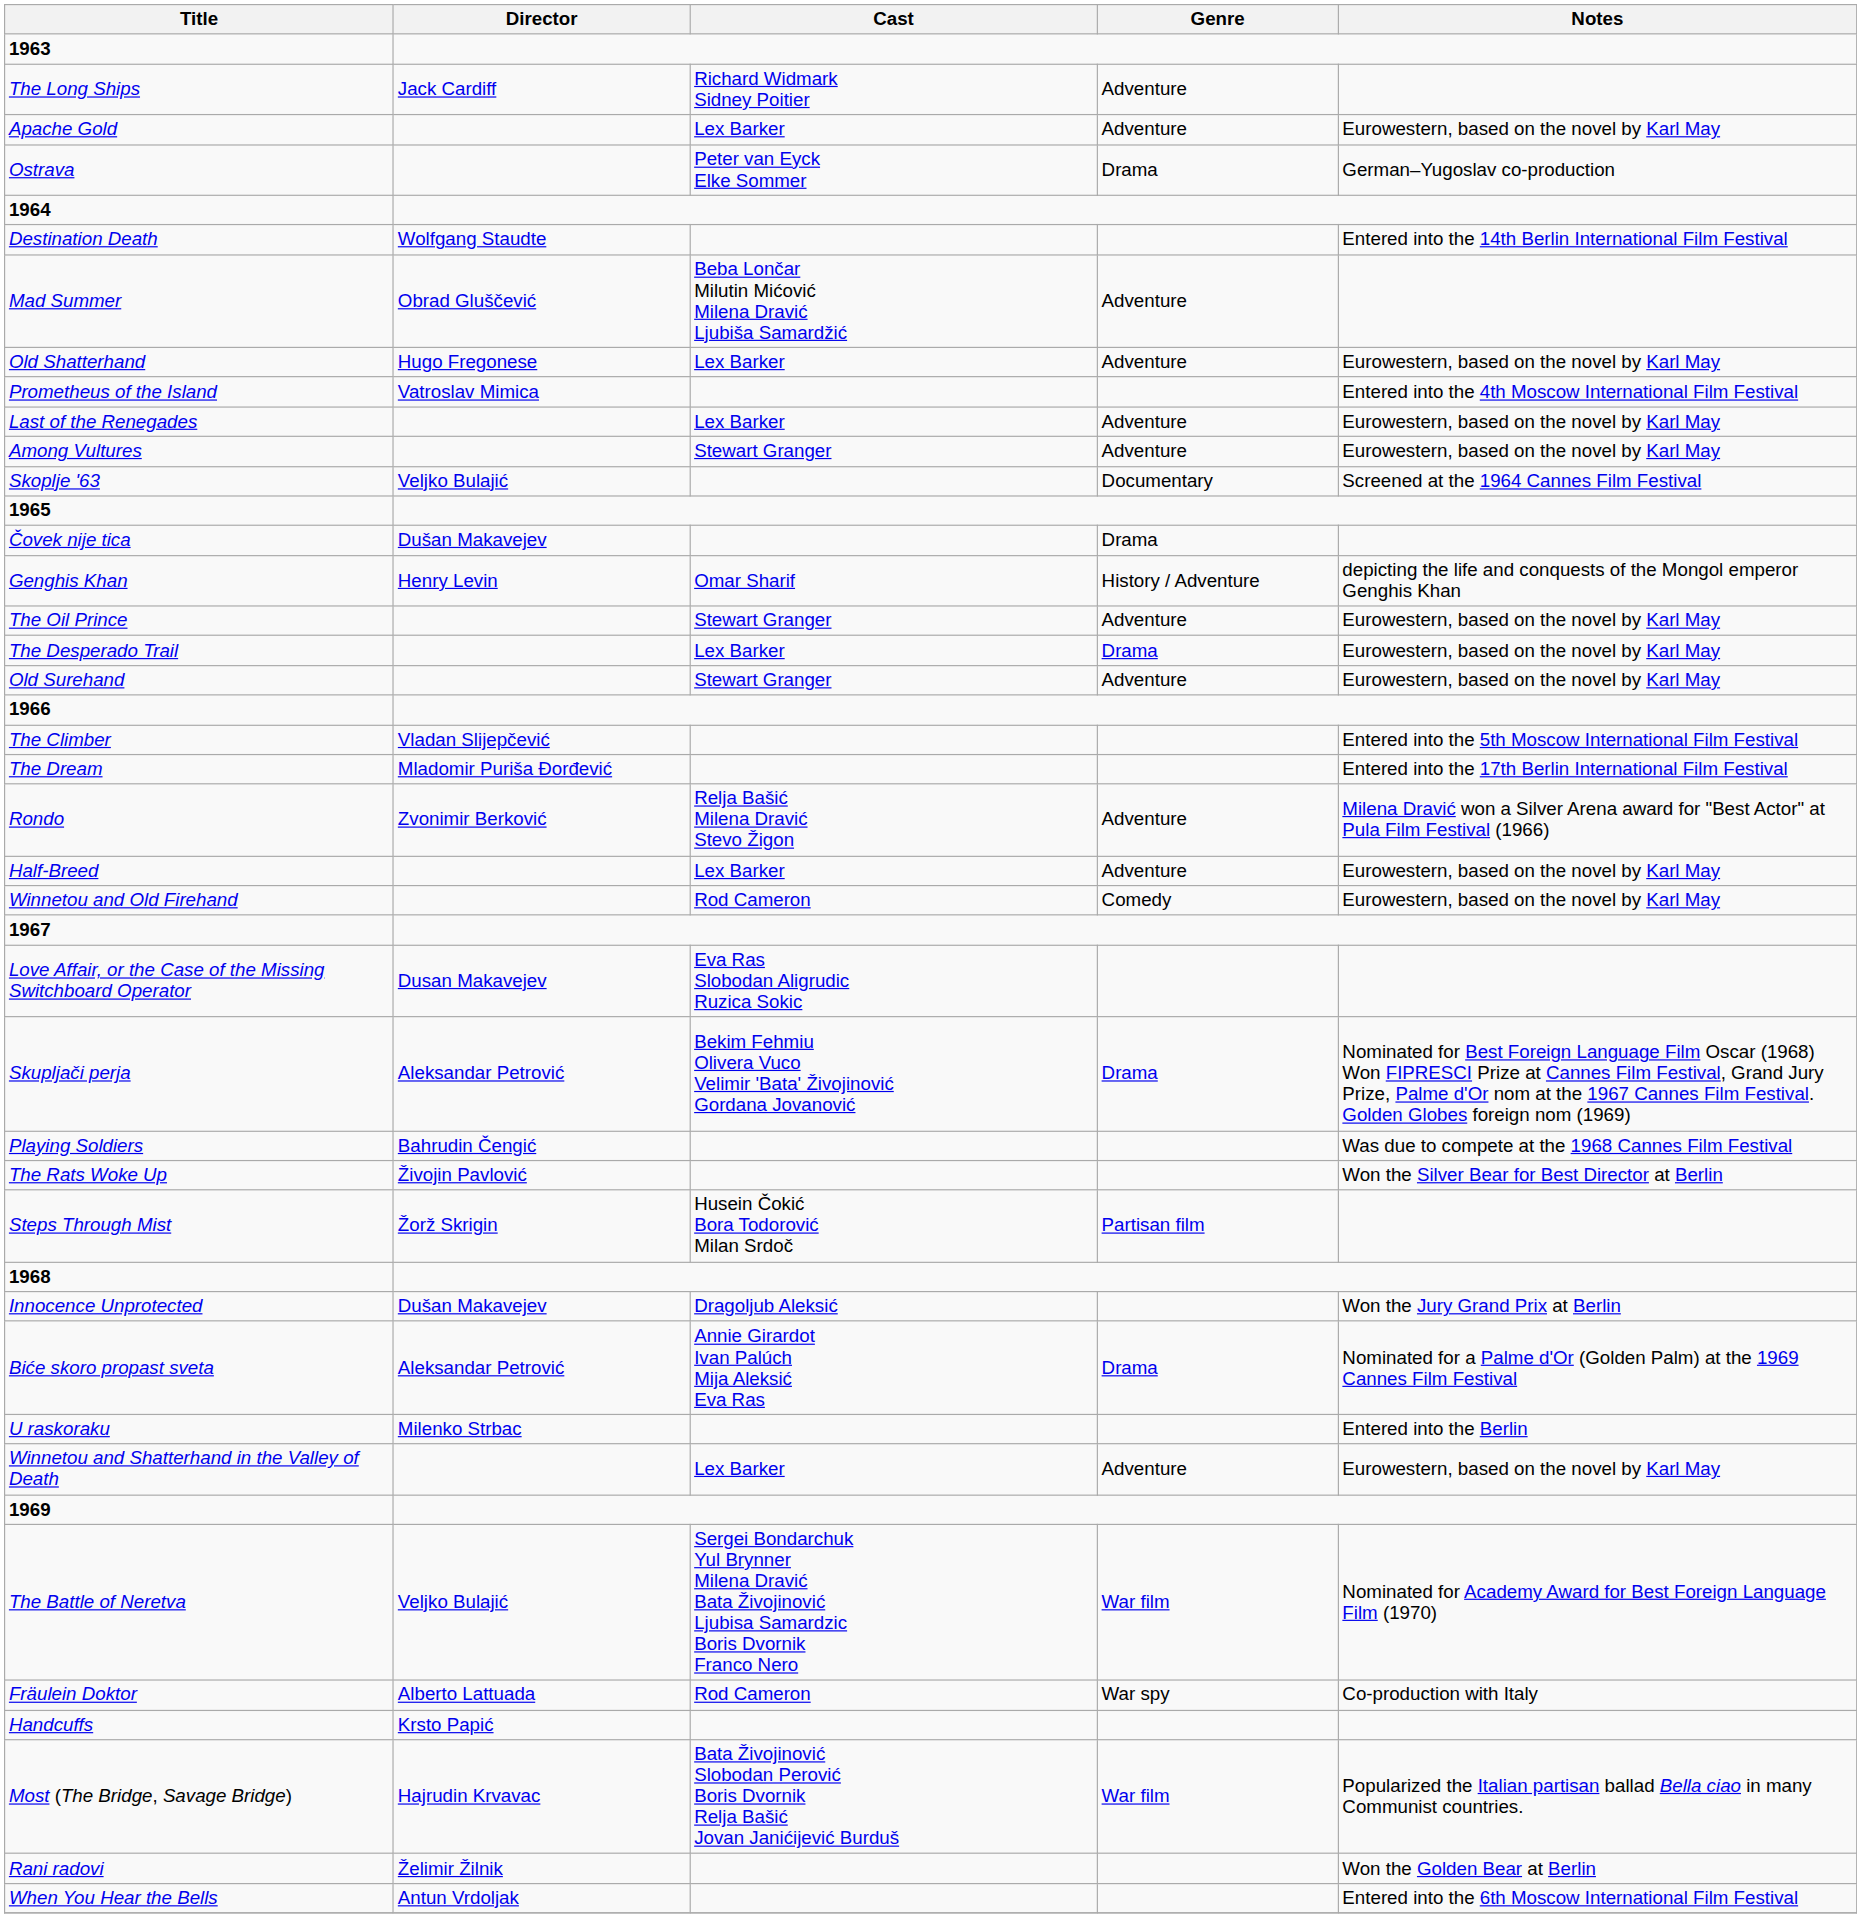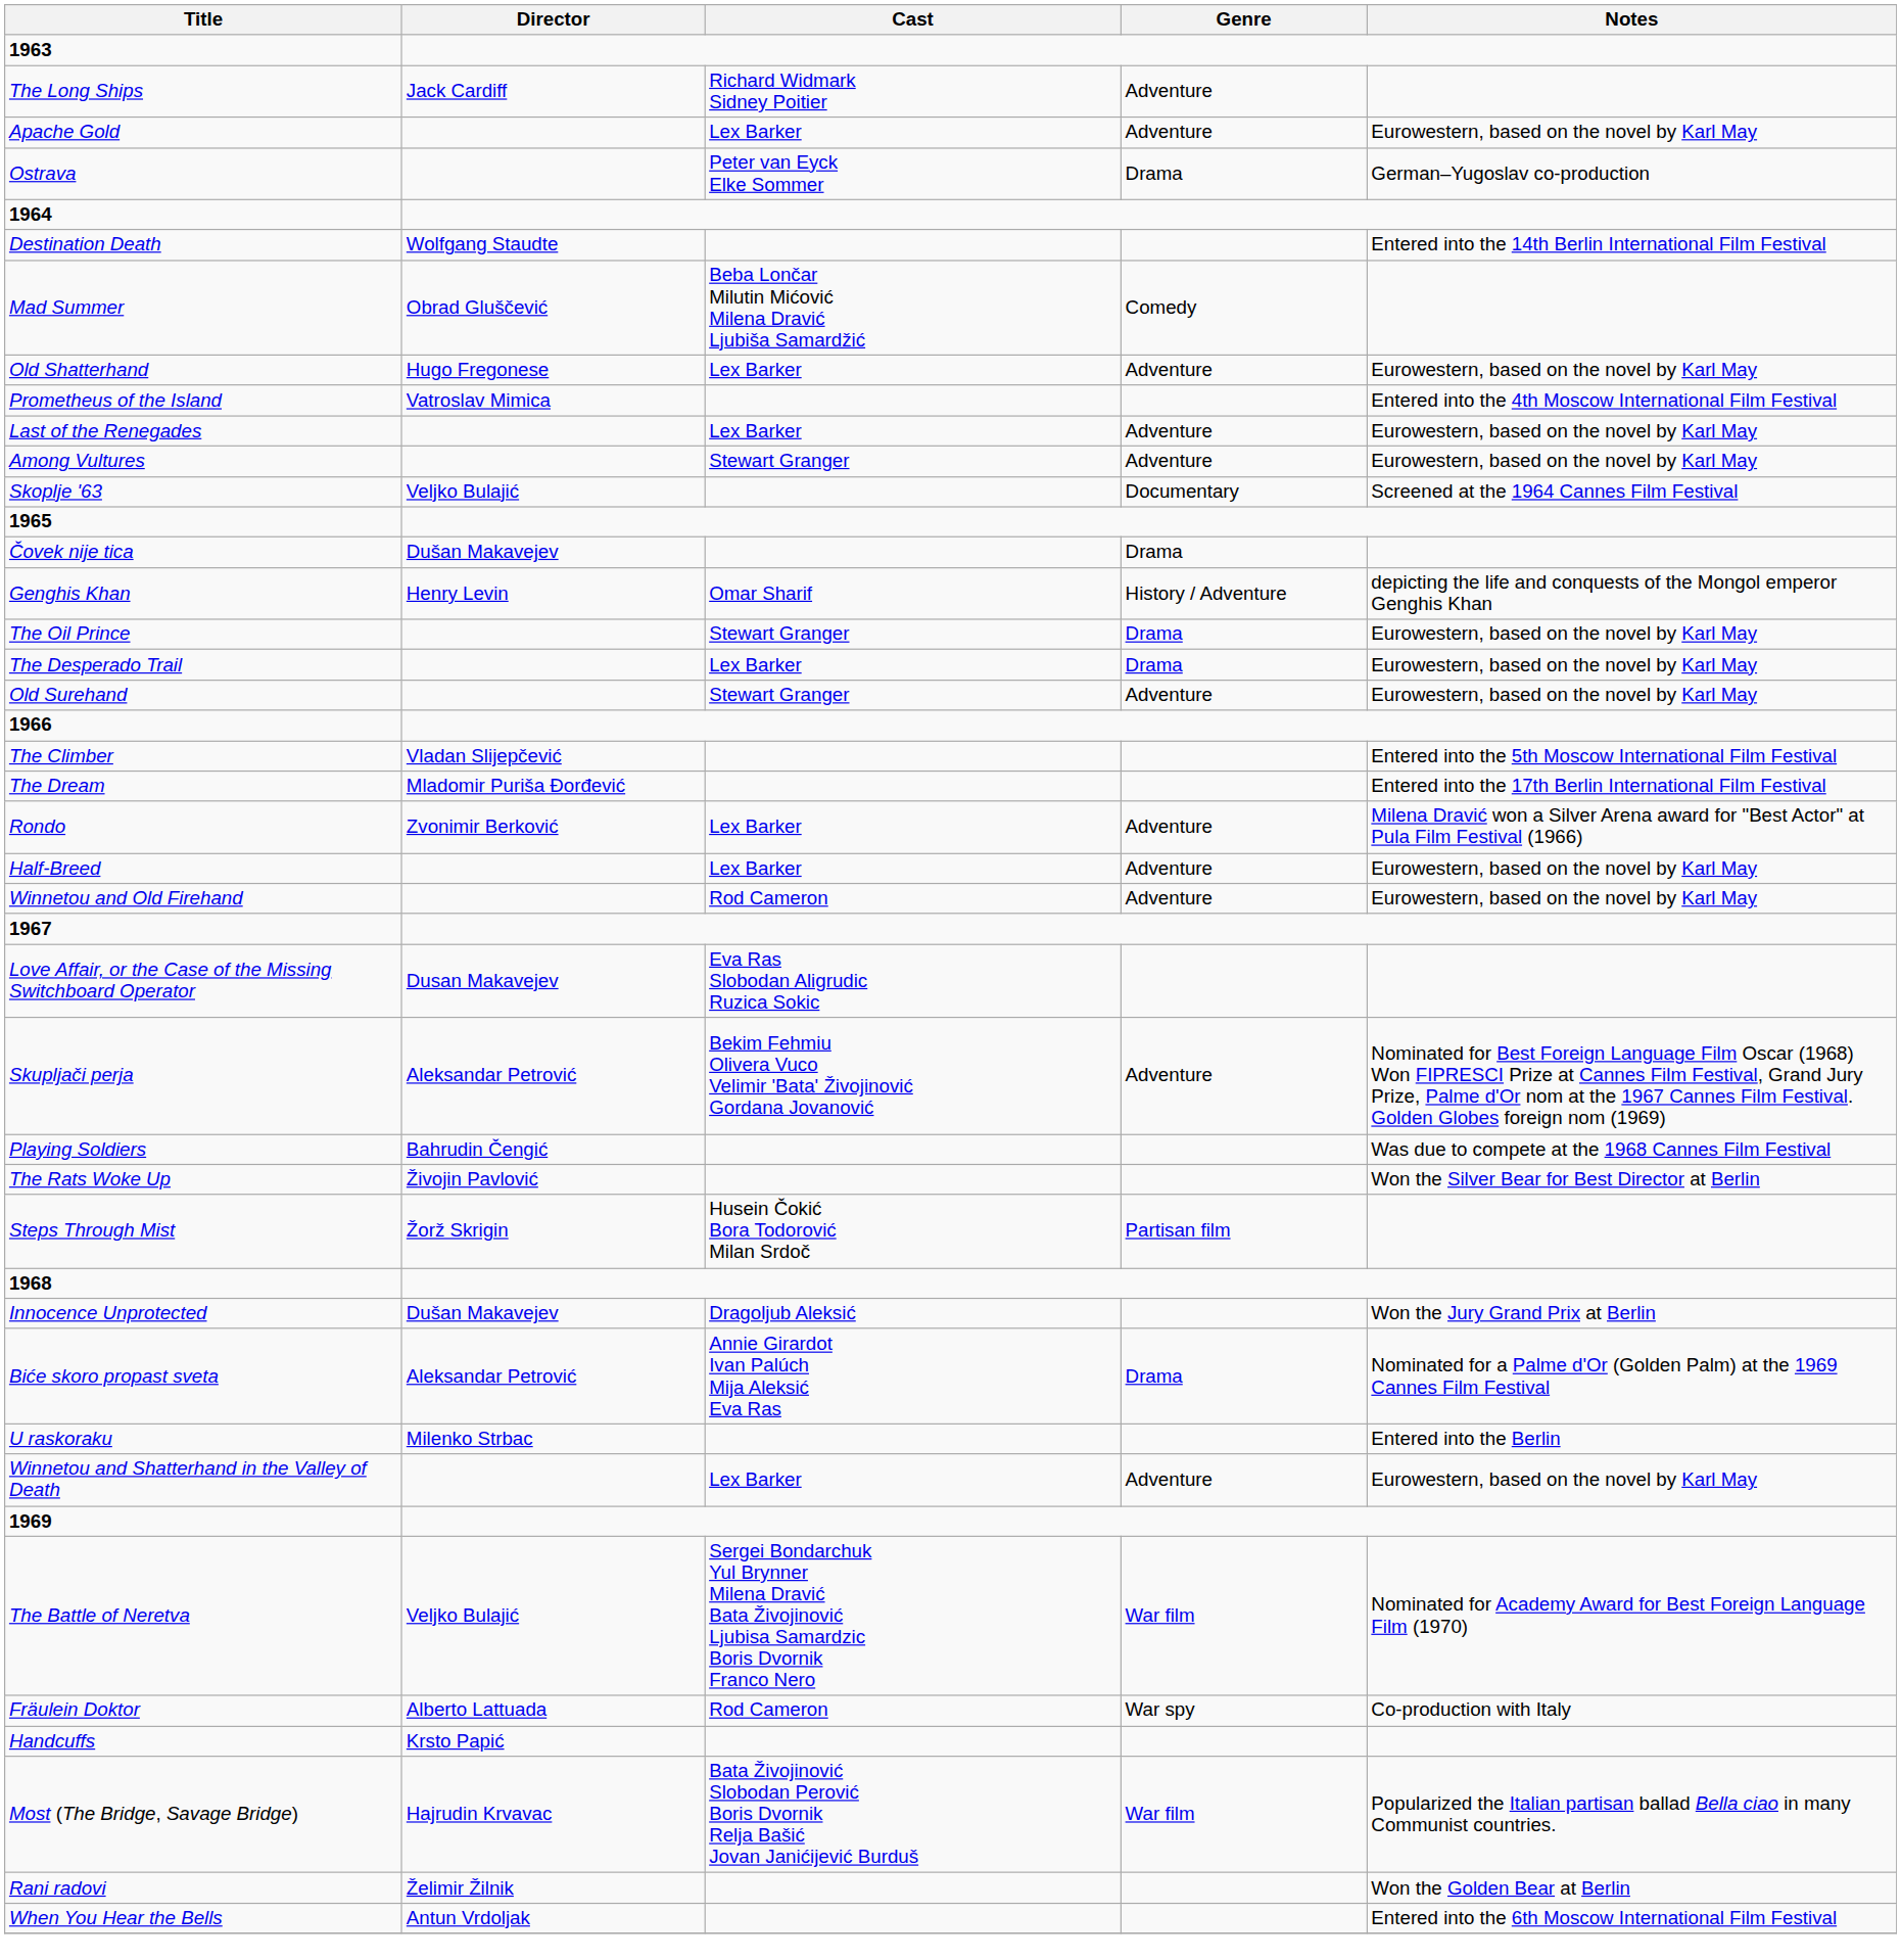 <table class="wikitable" width= "100%">
 <tr>
 <th width=21%>Title</th>
 <th width=16%>Director</th>
 <th width=22%>Cast</th>
 <th width=13%>Genre</th>
 <th width=28%>Notes</th>
 </tr>
 <tr>
 <td><strong>1963</strong></td>
 </tr>
 <tr>
 <td><em><a href='#'>The Long Ships</a></em></td>
 <td><a href='#'>Jack Cardiff</a></td>
 <td><a href='#'>Richard Widmark</a><br><a href='#'>Sidney Poitier</a></td>
 <td>Adventure</td>
 <td></td>
 </tr>
 <tr>
 <td><em><a href='#'>Apache Gold</a></em></td>
 <td></td>
 <td><a href='#'>Lex Barker</a></td>
 <td>Adventure</td>
 <td>Eurowestern, based on the novel by <a href='#'>Karl May</a></td>
 </tr>
 <tr>
 <td><em><a href='#'>Ostrava</a></em></td>
 <td></td>
 <td><a href='#'>Peter van Eyck</a><br><a href='#'>Elke Sommer</a></td>
 <td>Drama</td>
 <td>German–Yugoslav co-production</td>
 </tr>
 <tr>
 <td><strong>1964</strong></td>
 </tr>
 <tr>
 <td><em><a href='#'>Destination Death</a></em></td>
 <td><a href='#'>Wolfgang Staudte</a></td>
 <td></td>
 <td></td>
 <td>Entered into the <a href='#'>14th Berlin International Film Festival</a></td>
 </tr>
 <tr>
 <td><em><a href='#'>Mad Summer</a></em></td>
 <td><a href='#'>Obrad Gluščević</a></td>
 <td><a href='#'>Beba Lončar</a><br>Milutin Mićović<br><a href='#'>Milena Dravić</a><br><a href='#'>Ljubiša Samardžić</a></td>
-<td>Adventure</td>
+<td>Comedy</td>
 <td></td>
 </tr>
 <tr>
 <td><em><a href='#'>Old Shatterhand</a></em></td>
 <td><a href='#'>Hugo Fregonese</a></td>
 <td><a href='#'>Lex Barker</a></td>
 <td>Adventure</td>
 <td>Eurowestern, based on the novel by <a href='#'>Karl May</a></td>
 </tr>
 <tr>
 <td><em><a href='#'>Prometheus of the Island</a></em></td>
 <td><a href='#'>Vatroslav Mimica</a></td>
 <td></td>
 <td></td>
 <td>Entered into the <a href='#'>4th Moscow International Film Festival</a></td>
 </tr>
 <tr>
 <td><em><a href='#'>Last of the Renegades</a></em></td>
 <td></td>
 <td><a href='#'>Lex Barker</a></td>
 <td>Adventure</td>
 <td>Eurowestern, based on the novel by <a href='#'>Karl May</a></td>
 </tr>
 <tr>
 <td><em><a href='#'>Among Vultures</a></em></td>
 <td></td>
 <td><a href='#'>Stewart Granger</a></td>
 <td>Adventure</td>
 <td>Eurowestern, based on the novel by <a href='#'>Karl May</a></td>
 </tr>
 <tr>
 <td><em><a href='#'>Skoplje '63</a></em></td>
 <td><a href='#'>Veljko Bulajić</a></td>
 <td></td>
 <td>Documentary</td>
 <td>Screened at the <a href='#'>1964 Cannes Film Festival</a></td>
 </tr>
 <tr>
 <td><strong>1965</strong></td>
 </tr>
 <tr>
 <td><em><a href='#'>Čovek nije tica</a></em></td>
 <td><a href='#'>Dušan Makavejev</a></td>
 <td></td>
 <td>Drama</td>
 <td></td>
 </tr>
 <tr>
 <td><em><a href='#'>Genghis Khan</a></em></td>
 <td><a href='#'>Henry Levin</a></td>
 <td><a href='#'>Omar Sharif</a></td>
 <td>History / Adventure</td>
 <td>depicting the life and conquests of the Mongol emperor Genghis Khan</td>
 </tr>
 <tr>
 <td><em><a href='#'>The Oil Prince</a></em></td>
 <td></td>
 <td><a href='#'>Stewart Granger</a></td>
-<td>Adventure</td>
+<td><a href='#'>Drama</a></td>
 <td>Eurowestern, based on the novel by <a href='#'>Karl May</a></td>
 </tr>
 <tr>
 <td><em><a href='#'>The Desperado Trail</a></em></td>
 <td></td>
 <td><a href='#'>Lex Barker</a></td>
 <td><a href='#'>Drama</a></td>
 <td>Eurowestern, based on the novel by <a href='#'>Karl May</a></td>
 </tr>
 <tr>
 <td><em><a href='#'>Old Surehand</a></em></td>
 <td></td>
 <td><a href='#'>Stewart Granger</a></td>
 <td>Adventure</td>
 <td>Eurowestern, based on the novel by <a href='#'>Karl May</a></td>
 </tr>
 <tr>
 <td><strong>1966</strong></td>
 </tr>
 <tr>
 <td><em><a href='#'>The Climber</a></em></td>
 <td><a href='#'>Vladan Slijepčević</a></td>
 <td></td>
 <td></td>
 <td>Entered into the <a href='#'>5th Moscow International Film Festival</a></td>
 </tr>
 <tr>
 <td><em><a href='#'>The Dream</a></em></td>
 <td><a href='#'>Mladomir Puriša Đorđević</a></td>
 <td></td>
 <td></td>
 <td>Entered into the <a href='#'>17th Berlin International Film Festival</a></td>
 </tr>
 <tr>
 <td><em><a href='#'>Rondo</a></em></td>
 <td><a href='#'>Zvonimir Berković</a></td>
-<td><a href='#'>Relja Bašić</a><br><a href='#'>Milena Dravić</a><br><a href='#'>Stevo Žigon</a></td>
+<td><a href='#'>Lex Barker</a></td>
 <td>Adventure</td>
 <td><a href='#'>Milena Dravić</a> won a Silver Arena award for "Best Actor" at <a href='#'>Pula Film Festival</a> (1966)</td>
 </tr>
 <tr>
 <td><em><a href='#'>Half-Breed</a> </em></td>
 <td></td>
 <td><a href='#'>Lex Barker</a></td>
 <td>Adventure</td>
 <td>Eurowestern, based on the novel by <a href='#'>Karl May</a></td>
 </tr>
 <tr>
 <td><em><a href='#'>Winnetou and Old Firehand</a></em></td>
 <td></td>
 <td><a href='#'>Rod Cameron</a></td>
-<td>Comedy</td>
+<td>Adventure</td>
 <td>Eurowestern, based on the novel by <a href='#'>Karl May</a></td>
 </tr>
 <tr>
 <td><strong>1967</strong></td>
 </tr>
 <tr>
 <td><em><a href='#'>Love Affair, or the Case of the Missing Switchboard Operator</a></em></td>
 <td><a href='#'>Dusan Makavejev</a></td>
 <td><a href='#'>Eva Ras</a><br><a href='#'>Slobodan Aligrudic</a><br><a href='#'>Ruzica Sokic</a></td>
 <td></td>
 <td></td>
 </tr>
 <tr>
 <td><em><a href='#'>Skupljači perja</a></em></td>
 <td><a href='#'>Aleksandar Petrović</a></td>
 <td><a href='#'>Bekim Fehmiu</a><br><a href='#'>Olivera Vuco</a><br><a href='#'>Velimir 'Bata' Živojinović</a><br><a href='#'>Gordana Jovanović</a></td>
-<td><a href='#'>Drama</a></td>
+<td>Adventure</td>
 <td><br>Nominated for <a href='#'>Best Foreign Language Film</a> Oscar (1968) Won <a href='#'>FIPRESCI</a> Prize at <a href='#'>Cannes Film Festival</a>, Grand Jury Prize, <a href='#'>Palme d'Or</a> nom at the <a href='#'>1967 Cannes Film Festival</a>. <a href='#'>Golden Globes</a> foreign nom (1969)</td>
 </tr>
 <tr>
 <td><em><a href='#'>Playing Soldiers</a></em></td>
 <td><a href='#'>Bahrudin Čengić</a></td>
 <td></td>
 <td></td>
 <td>Was due to compete at the <a href='#'>1968 Cannes Film Festival</a></td>
 </tr>
 <tr>
 <td><em><a href='#'>The Rats Woke Up</a></em></td>
 <td><a href='#'>Živojin Pavlović</a></td>
 <td></td>
 <td></td>
 <td>Won the <a href='#'>Silver Bear for Best Director</a> at <a href='#'>Berlin</a></td>
 </tr>
 <tr>
 <td><em><a href='#'>Steps Through Mist</a></em></td>
 <td><a href='#'>Žorž Skrigin</a></td>
 <td>Husein Čokić<br><a href='#'>Bora Todorović</a><br>Milan Srdoč</td>
 <td><a href='#'>Partisan film</a></td>
 <td></td>
 </tr>
 <tr>
 <td><strong>1968</strong></td>
 </tr>
 <tr>
 <td><em><a href='#'>Innocence Unprotected</a></em></td>
 <td><a href='#'>Dušan Makavejev</a></td>
 <td><a href='#'>Dragoljub Aleksić</a></td>
 <td></td>
 <td>Won the <a href='#'>Jury Grand Prix</a> at <a href='#'>Berlin</a></td>
 </tr>
 <tr>
 <td><em><a href='#'>Biće skoro propast sveta</a></em></td>
 <td><a href='#'>Aleksandar Petrović</a></td>
 <td><a href='#'>Annie Girardot</a><br><a href='#'>Ivan Palúch</a><br><a href='#'>Mija Aleksić</a><br><a href='#'>Eva Ras</a></td>
 <td><a href='#'>Drama</a></td>
 <td>Nominated for a <a href='#'>Palme d'Or</a> (Golden Palm) at the <a href='#'>1969 Cannes Film Festival</a></td>
 </tr>
 <tr>
 <td><em><a href='#'>U raskoraku</a></em></td>
 <td><a href='#'>Milenko Strbac</a></td>
 <td></td>
 <td></td>
 <td>Entered into the <a href='#'>Berlin</a></td>
 </tr>
 <tr>
 <td><em><a href='#'>Winnetou and Shatterhand in the Valley of Death</a></em></td>
 <td></td>
 <td><a href='#'>Lex Barker</a></td>
 <td>Adventure</td>
 <td>Eurowestern, based on the novel by <a href='#'>Karl May</a></td>
 </tr>
 <tr>
 <td><strong>1969</strong></td>
 </tr>
 <tr>
 <td><em><a href='#'>The Battle of Neretva</a></em></td>
 <td><a href='#'>Veljko Bulajić</a></td>
 <td><a href='#'>Sergei Bondarchuk</a><br><a href='#'>Yul Brynner</a><br><a href='#'>Milena Dravić</a><br><a href='#'>Bata Živojinović</a><br><a href='#'>Ljubisa Samardzic</a><br><a href='#'>Boris Dvornik</a><br><a href='#'>Franco Nero</a></td>
 <td><a href='#'>War film</a></td>
 <td>Nominated for <a href='#'>Academy Award for Best Foreign Language Film</a> (1970)</td>
 </tr>
 <tr>
 <td><em><a href='#'>Fräulein Doktor</a></em></td>
 <td><a href='#'>Alberto Lattuada</a></td>
 <td><a href='#'>Rod Cameron</a></td>
 <td>War spy</td>
 <td>Co-production with Italy</td>
 </tr>
 <tr>
 <td><em><a href='#'>Handcuffs</a></em></td>
 <td><a href='#'>Krsto Papić</a></td>
 <td></td>
 <td></td>
 <td></td>
 </tr>
 <tr>
 <td><em><a href='#'>Most</a></em> (<em>The Bridge</em>, <em>Savage Bridge</em>)</td>
 <td><a href='#'>Hajrudin Krvavac</a></td>
 <td><a href='#'>Bata Živojinović</a><br><a href='#'>Slobodan Perović</a><br><a href='#'>Boris Dvornik</a><br><a href='#'>Relja Bašić</a><br><a href='#'>Jovan Janićijević Burduš</a></td>
 <td><a href='#'>War film</a></td>
 <td>Popularized the <a href='#'>Italian partisan</a> ballad <em><a href='#'>Bella ciao</a></em> in many Communist countries.</td>
 </tr>
 <tr>
 <td><em><a href='#'>Rani radovi</a></em></td>
 <td><a href='#'>Želimir Žilnik</a></td>
 <td></td>
 <td></td>
 <td>Won the <a href='#'>Golden Bear</a> at <a href='#'>Berlin</a></td>
 </tr>
 <tr>
 <td><em><a href='#'>When You Hear the Bells</a></em></td>
 <td><a href='#'>Antun Vrdoljak</a></td>
 <td></td>
 <td></td>
 <td>Entered into the <a href='#'>6th Moscow International Film Festival</a></td>
 </tr>
 <tr>
 </tr>
 </table>
